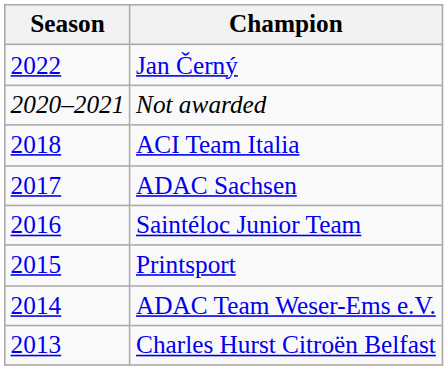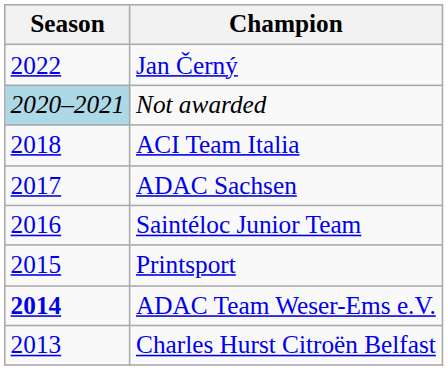 <table class="wikitable">
 <tr>
 <th>Season</th>
 <th>Champion</th>
 </tr>
 <tr>
 <td><a href='#'>2022</a></td>
 <td> <a href='#'>Jan Černý</a></td>
 </tr>
 <tr>
-<td><em>2020–2021</em></td>
+<td style="background: lightblue;"><em>2020–2021</em></td>
 <td><em>Not awarded</em></td>
 </tr>
 <tr>
 <td><a href='#'>2018</a></td>
 <td> <a href='#'>ACI Team Italia</a></td>
 </tr>
 <tr>
 <td><a href='#'>2017</a></td>
 <td> <a href='#'>ADAC Sachsen</a></td>
 </tr>
 <tr>
 <td><a href='#'>2016</a></td>
 <td> <a href='#'>Saintéloc Junior Team</a></td>
 </tr>
 <tr>
 <td><a href='#'>2015</a></td>
 <td> <a href='#'>Printsport</a></td>
 </tr>
 <tr>
-<td><a href='#'>2014</a></td>
+<td><strong><a href='#'>2014</a></strong></td>
 <td> <a href='#'>ADAC Team Weser-Ems e.V.</a></td>
 </tr>
 <tr>
 <td><a href='#'>2013</a></td>
 <td> <a href='#'>Charles Hurst Citroën Belfast</a></td>
 </tr>
 </table>
